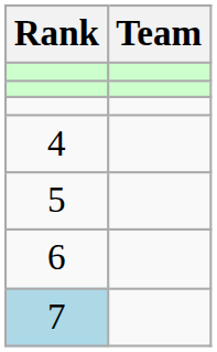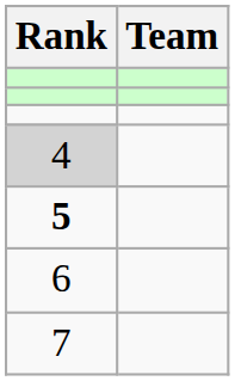 <table class=wikitable style="text-align:center;">
 <tr>
 <th>Rank</th>
 <th>Team</th>
 </tr>
 <tr bgcolor=ccffcc>
 <td></td>
 <td align=left></td>
 </tr>
 <tr bgcolor=ccffcc>
 <td></td>
 <td align=left></td>
 </tr>
 <tr>
 <td></td>
 <td align=left></td>
 </tr>
 <tr>
-<td>4</td>
+<td style="background: lightgrey;">4</td>
 <td align=left></td>
 </tr>
 <tr>
-<td>5</td>
+<td><strong>5</strong></td>
 <td align=left></td>
 </tr>
 <tr>
 <td>6</td>
 <td align=left></td>
 </tr>
 <tr>
-<td style="background: lightblue;">7</td>
+<td>7</td>
 <td align=left></td>
 </tr>
 </table>
